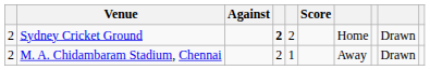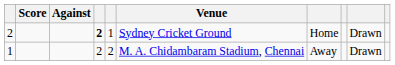 <table class="wikitable sortable">
 <tr>
 <th></th>
-<th>Venue</th>
+<th>Score</th>
 <th>Against</th>
 <th><a href='#'></a></th>
 <th><a href='#'></a></th>
-<th>Score</th>
+<th>Venue</th>
 <th></th>
 <th></th>
 <th></th>
 <th scope="col" class="unsortable"></th>
 </tr>
 <tr>
 <td>2</td>
-<td><a href='#'>Sydney Cricket Ground</a></td>
+<td></td>
 <td></td>
 <td><strong>2</strong></td>
-<td>2</td>
-<td></td>
+<td>1</td>
+<td><a href='#'>Sydney Cricket Ground</a></td>
 <td>Home</td>
 <td></td>
 <td>Drawn</td>
 <td></td>
 </tr>
 <tr>
+<td>1</td>
+<td></td>
+<td></td>
+<td>2</td>
 <td>2</td>
 <td><a href='#'>M. A. Chidambaram Stadium</a>, <a href='#'>Chennai</a></td>
-<td></td>
-<td>2</td>
-<td>1</td>
-<td></td>
 <td>Away</td>
 <td></td>
 <td>Drawn</td>
 <td></td>
 </tr>
 </table>
